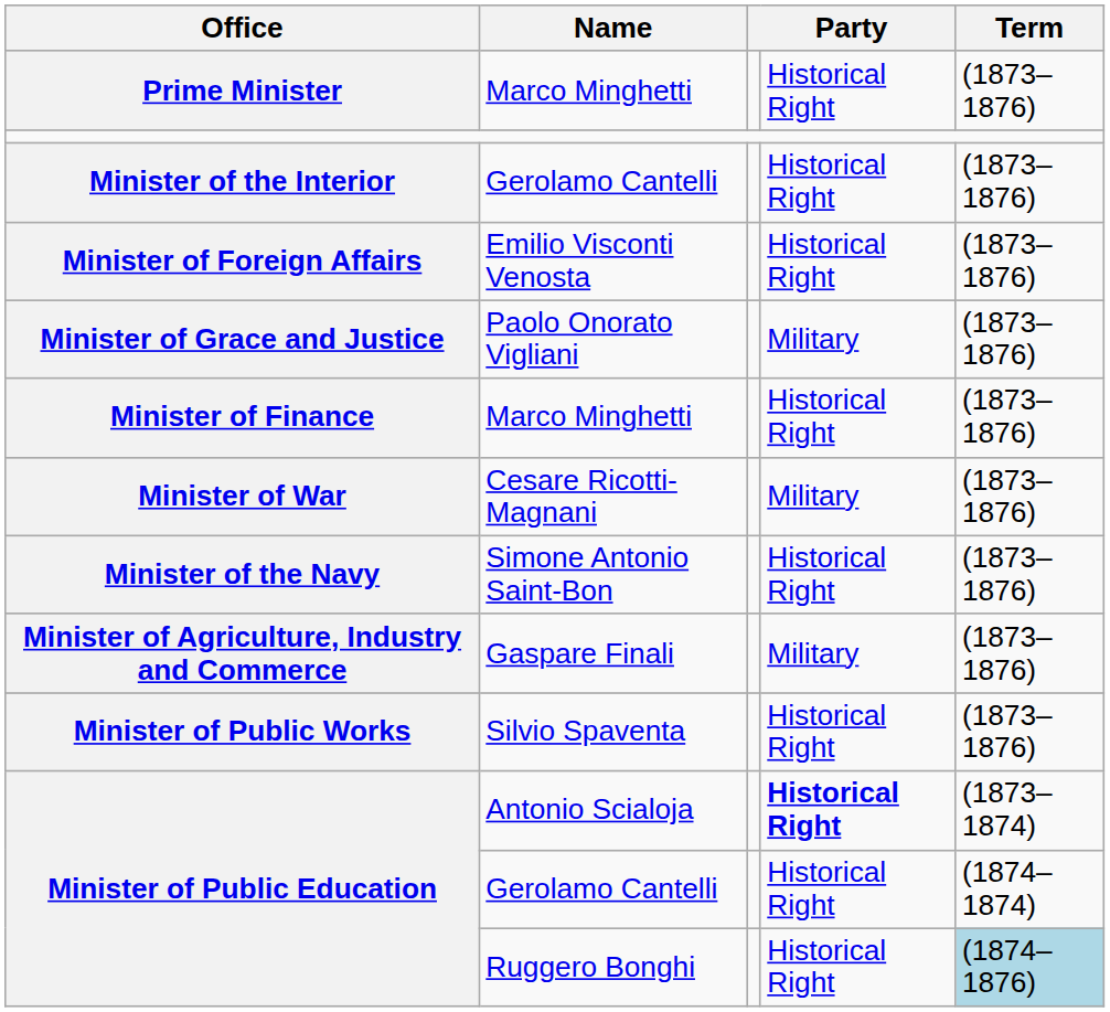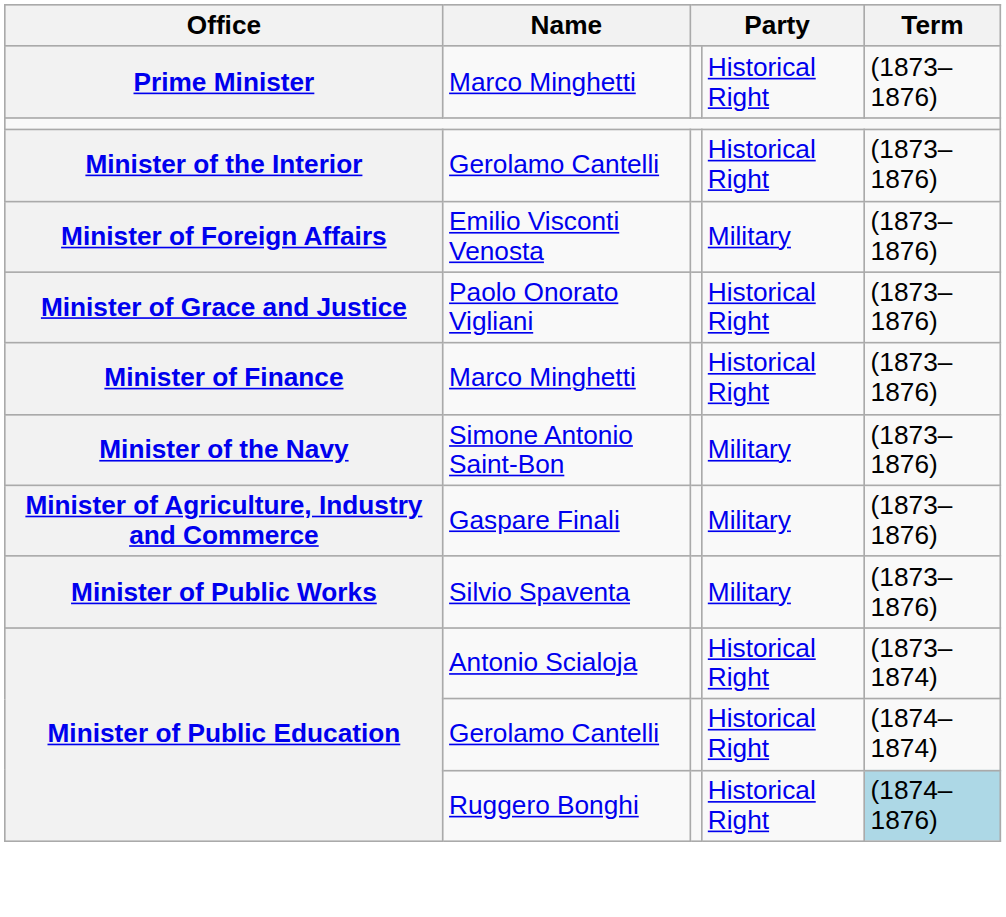 <table class="wikitable" style="font-size: 100%;">
 <tr>
 <th>Office</th>
 <th>Name</th>
 <th colspan=2>Party</th>
 <th>Term</th>
 </tr>
 <tr>
 <th><a href='#'>Prime Minister</a></th>
 <td><a href='#'>Marco Minghetti</a></td>
 <td style="color:inherit;background:"></td>
 <td><a href='#'>Historical Right</a></td>
 <td>(1873–1876)</td>
 </tr>
 <tr>
 <td colspan=5></td>
 </tr>
 <tr>
 <th><a href='#'>Minister of the Interior</a></th>
 <td><a href='#'>Gerolamo Cantelli</a></td>
 <td style="color:inherit;background:"></td>
 <td><a href='#'>Historical Right</a></td>
 <td>(1873–1876)</td>
 </tr>
 <tr>
 <th><a href='#'>Minister of Foreign Affairs</a></th>
 <td><a href='#'>Emilio Visconti Venosta</a></td>
 <td style="color:inherit;background:"></td>
-<td><a href='#'>Historical Right</a></td>
+<td><a href='#'>Military</a></td>
 <td>(1873–1876)</td>
 </tr>
 <tr>
 <th><a href='#'>Minister of Grace and Justice</a></th>
 <td><a href='#'>Paolo Onorato Vigliani</a></td>
 <td style="color:inherit;background:"></td>
-<td><a href='#'>Military</a></td>
+<td><a href='#'>Historical Right</a></td>
 <td>(1873–1876)</td>
 </tr>
 <tr>
 <th><a href='#'>Minister of Finance</a></th>
 <td><a href='#'>Marco Minghetti</a></td>
 <td style="color:inherit;background:"></td>
 <td><a href='#'>Historical Right</a></td>
 <td>(1873–1876)</td>
 </tr>
 <tr>
-<th><a href='#'>Minister of War</a></th>
-<td><a href='#'>Cesare Ricotti-Magnani</a></td>
-<td style="color:inherit;background:"></td>
-<td><a href='#'>Military</a></td>
-<td>(1873–1876)</td>
-</tr>
-<tr>
 <th><a href='#'>Minister of the Navy</a></th>
 <td><a href='#'>Simone Antonio Saint-Bon</a></td>
 <td style="color:inherit;background:"></td>
-<td><a href='#'>Historical Right</a></td>
+<td><a href='#'>Military</a></td>
 <td>(1873–1876)</td>
 </tr>
 <tr>
 <th><a href='#'>Minister of Agriculture, Industry and Commerce</a></th>
 <td><a href='#'>Gaspare Finali</a></td>
 <td style="color:inherit;background:"></td>
 <td><a href='#'>Military</a></td>
 <td>(1873–1876)</td>
 </tr>
 <tr>
 <th><a href='#'>Minister of Public Works</a></th>
 <td><a href='#'>Silvio Spaventa</a></td>
 <td style="color:inherit;background:"></td>
-<td><a href='#'>Historical Right</a></td>
+<td><a href='#'>Military</a></td>
 <td>(1873–1876)</td>
 </tr>
 <tr>
 <th rowspan=3><a href='#'>Minister of Public Education</a></th>
 <td><a href='#'>Antonio Scialoja</a></td>
 <td style="color:inherit;background:"></td>
-<td><strong><a href='#'>Historical Right</a></strong></td>
+<td><a href='#'>Historical Right</a></td>
 <td>(1873–1874)</td>
 </tr>
 <tr>
 <td><a href='#'>Gerolamo Cantelli</a></td>
 <td style="color:inherit;background:"></td>
 <td><a href='#'>Historical Right</a></td>
 <td>(1874–1874)</td>
 </tr>
 <tr>
 <td><a href='#'>Ruggero Bonghi</a></td>
 <td style="color:inherit;background:"></td>
 <td><a href='#'>Historical Right</a></td>
 <td style="background: lightblue;">(1874–1876)</td>
 </tr>
 </table>
